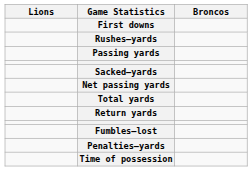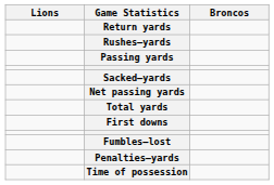 <table class="wikitable" style="margin: 1em auto 1em auto">
 <tr>
 <th style="width:30%;">Lions</th>
 <th style="width:40%;">Game Statistics</th>
 <th style="width:30%;">Broncos</th>
 </tr>
 <tr>
 <td style="text-align:right;"></td>
-<th>First downs</th>
+<th>Return yards</th>
 <td></td>
 </tr>
 <tr>
 <td style="text-align:right;"></td>
 <th>Rushes–yards</th>
 <td></td>
 </tr>
 <tr>
 <td style="text-align:right;"></td>
 <th>Passing yards</th>
 <td></td>
 </tr>
 <tr>
 <td style="text-align:right;"></td>
 <th></th>
 <td></td>
 </tr>
 <tr>
 <td style="text-align:right;"></td>
 <th>Sacked–yards</th>
 <td></td>
 </tr>
 <tr>
 <td style="text-align:right;"></td>
 <th>Net passing yards</th>
 <td></td>
 </tr>
 <tr>
 <td style="text-align:right;"></td>
 <th>Total yards</th>
 <td></td>
 </tr>
 <tr>
 <td style="text-align:right;"></td>
-<th>Return yards</th>
+<th>First downs</th>
 <td></td>
 </tr>
 <tr>
 <td style="text-align:right;"></td>
 <th></th>
 <td></td>
 </tr>
 <tr>
 <td style="text-align:right;"></td>
 <th>Fumbles–lost</th>
 <td></td>
 </tr>
 <tr>
 <td style="text-align:right;"></td>
 <th>Penalties–yards</th>
 <td></td>
 </tr>
 <tr>
 <td style="text-align:right;"></td>
 <th>Time of possession</th>
 <td></td>
 </tr>
 </table>
